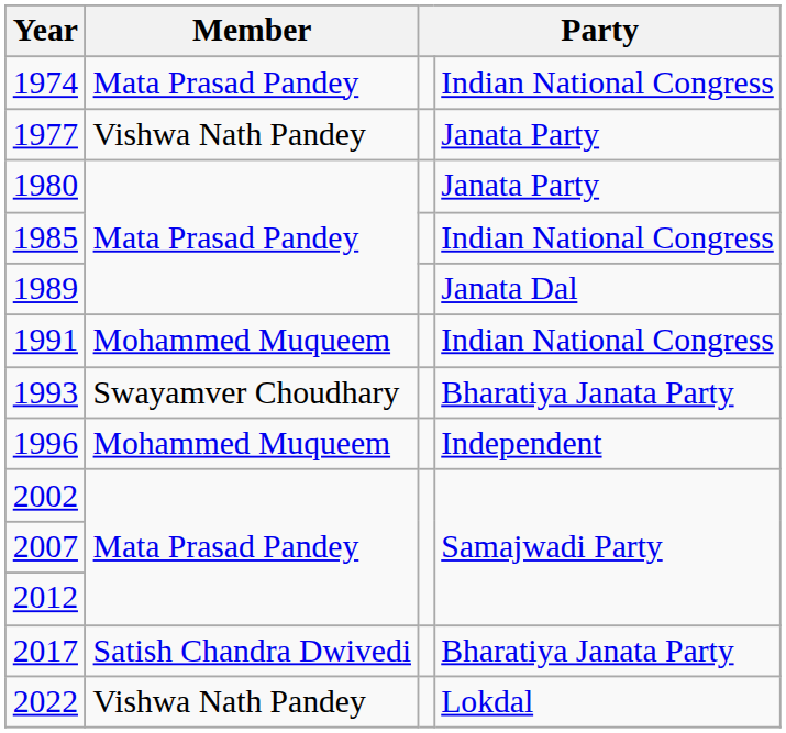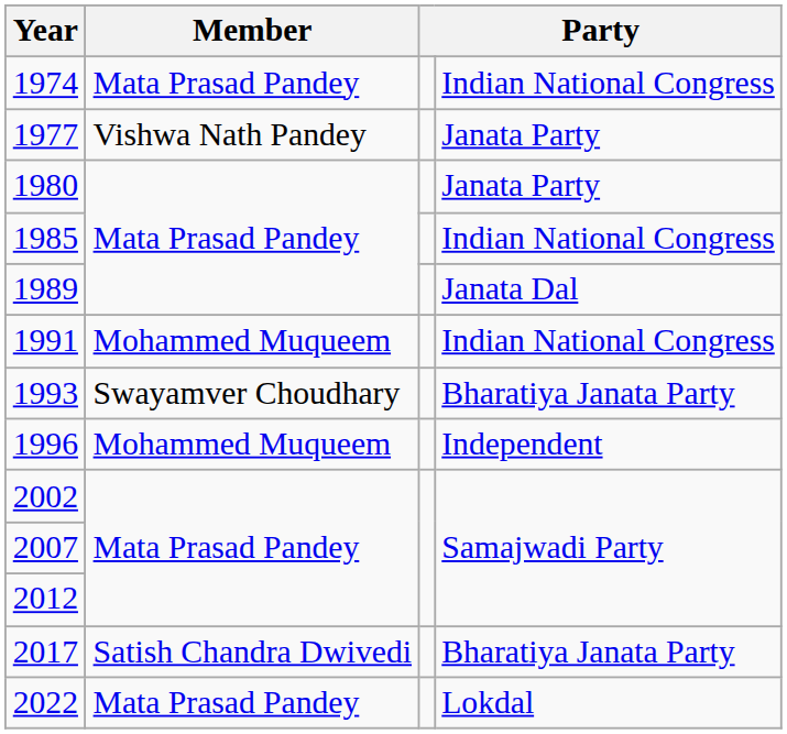 <table class="wikitable">
 <tr>
 <th>Year</th>
 <th>Member</th>
 <th colspan="2">Party</th>
 </tr>
 <tr>
 <td><a href='#'>1974</a></td>
 <td><a href='#'>Mata Prasad Pandey</a></td>
 <td style="background-color: "></td>
 <td><a href='#'>Indian National Congress</a></td>
 </tr>
 <tr>
 <td><a href='#'>1977</a></td>
 <td>Vishwa Nath Pandey</td>
 <td style="background-color: "></td>
 <td><a href='#'>Janata Party</a></td>
 </tr>
 <tr>
 <td><a href='#'>1980</a></td>
 <td rowspan="3"><a href='#'>Mata Prasad Pandey</a></td>
 <td style="background-color: "></td>
 <td><a href='#'>Janata Party</a></td>
 </tr>
 <tr>
 <td><a href='#'>1985</a></td>
 <td style="background-color: "></td>
 <td><a href='#'>Indian National Congress</a></td>
 </tr>
 <tr>
 <td><a href='#'>1989</a></td>
 <td style="background-color: "></td>
 <td><a href='#'>Janata Dal</a></td>
 </tr>
 <tr>
 <td><a href='#'>1991</a></td>
 <td><a href='#'>Mohammed Muqueem</a></td>
 <td style="background-color: "></td>
 <td><a href='#'>Indian National Congress</a></td>
 </tr>
 <tr>
 <td><a href='#'>1993</a></td>
 <td>Swayamver Choudhary</td>
 <td style="background-color: "></td>
 <td><a href='#'>Bharatiya Janata Party</a></td>
 </tr>
 <tr>
 <td><a href='#'>1996</a></td>
 <td><a href='#'>Mohammed Muqueem</a></td>
 <td style="background-color: "></td>
 <td><a href='#'>Independent</a></td>
 </tr>
 <tr>
 <td><a href='#'>2002</a></td>
 <td rowspan="3"><a href='#'>Mata Prasad Pandey</a></td>
 <td rowspan="3" style="background-color: "></td>
 <td rowspan="3"><a href='#'>Samajwadi Party</a></td>
 </tr>
 <tr>
 <td><a href='#'>2007</a></td>
 </tr>
 <tr>
 <td><a href='#'>2012</a></td>
 </tr>
 <tr>
 <td><a href='#'>2017</a></td>
 <td><a href='#'>Satish Chandra Dwivedi</a></td>
 <td style="background-color: "></td>
 <td><a href='#'>Bharatiya Janata Party</a></td>
 </tr>
 <tr>
 <td><a href='#'>2022</a></td>
-<td>Vishwa Nath Pandey</td>
+<td><a href='#'>Mata Prasad Pandey</a></td>
 <td style="background-color: "></td>
 <td><a href='#'>Lokdal</a></td>
 </tr>
 </table>
